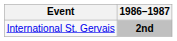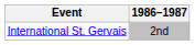 <table class="wikitable" style="text-align:center">
 <tr>
 <th>Event</th>
 <th>1986–1987</th>
 </tr>
 <tr>
 <td align=left><a href='#'>International St. Gervais</a></td>
-<td bgcolor=silver><strong>2nd</strong></td>
+<td bgcolor=silver>2nd</td>
 </tr>
 </table>
